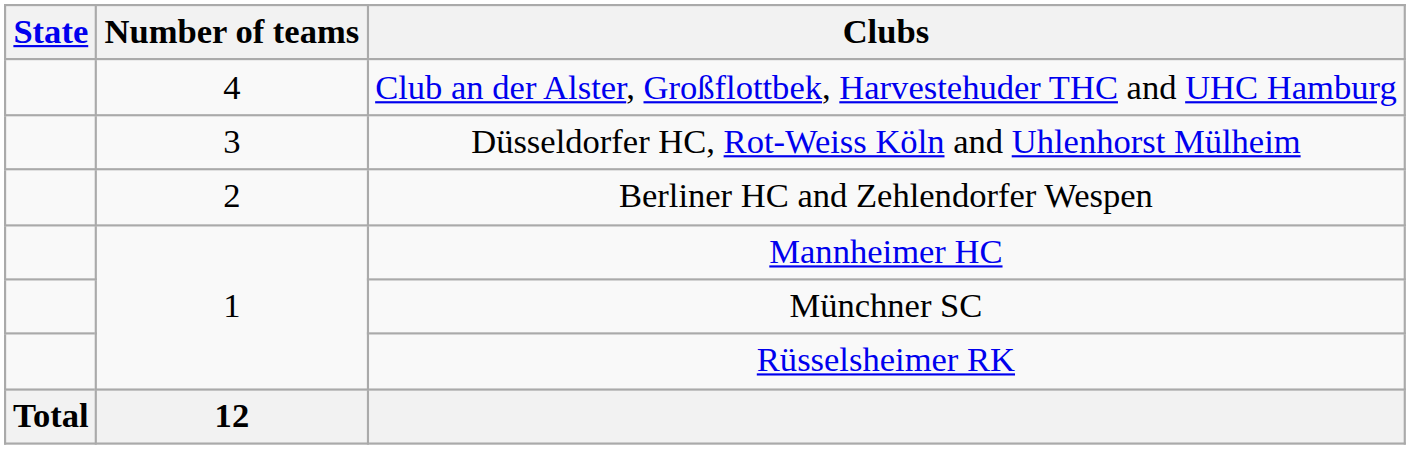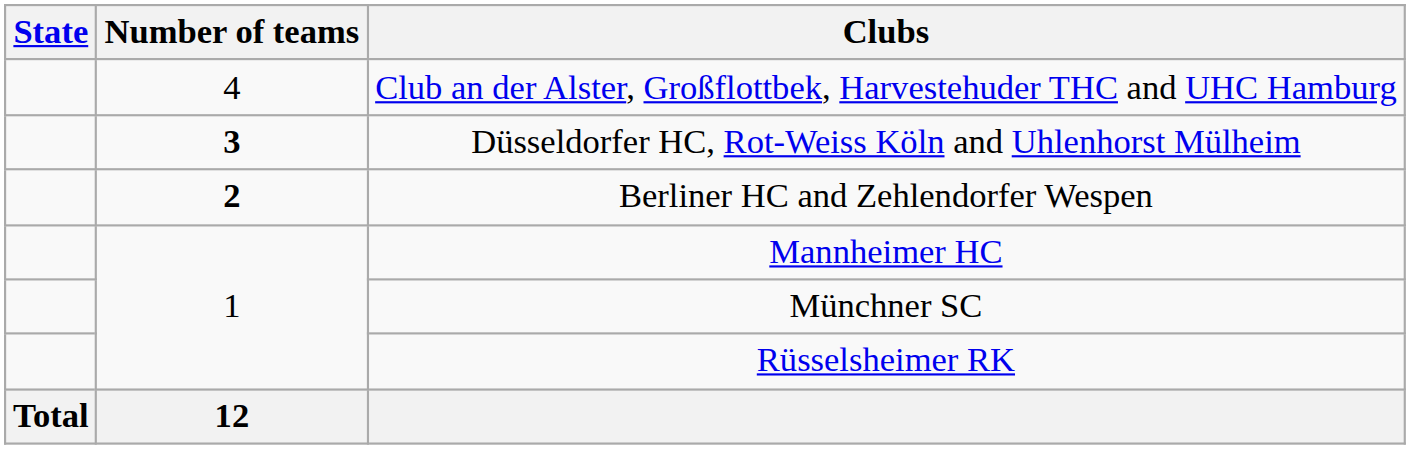 <table class="wikitable">
 <tr>
 <th><a href='#'>State</a></th>
 <th>Number of teams</th>
 <th>Clubs</th>
 </tr>
 <tr>
 <td></td>
 <td align=center>4</td>
 <td align=center><a href='#'>Club an der Alster</a>, <a href='#'>Großflottbek</a>, <a href='#'>Harvestehuder THC</a> and <a href='#'>UHC Hamburg</a></td>
 </tr>
 <tr>
 <td></td>
-<td align=center>3</td>
+<td align=center><strong>3</strong></td>
 <td align=center>Düsseldorfer HC, <a href='#'>Rot-Weiss Köln</a> and <a href='#'>Uhlenhorst Mülheim</a></td>
 </tr>
 <tr>
 <td></td>
-<td align=center>2</td>
+<td align=center><strong>2</strong></td>
 <td align=center>Berliner HC and Zehlendorfer Wespen</td>
 </tr>
 <tr>
 <td></td>
 <td align=center rowspan=3>1</td>
 <td align=center><a href='#'>Mannheimer HC</a></td>
 </tr>
 <tr>
 <td></td>
 <td align=center>Münchner SC</td>
 </tr>
 <tr>
 <td></td>
 <td align=center><a href='#'>Rüsselsheimer RK</a></td>
 </tr>
 <tr>
 <th>Total</th>
 <th>12</th>
 <th></th>
 </tr>
 </table>
